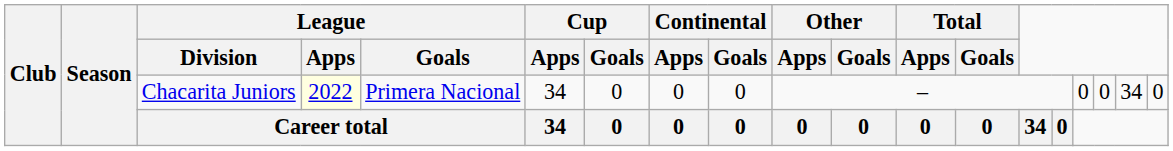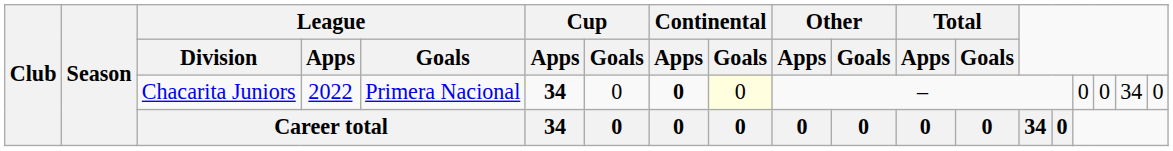 <table class="wikitable" style="text-align: center">
 <tr>
 <th rowspan="34">Club</th>
 <th rowspan="34">Season</th>
 <th colspan="3">League</th>
 <th colspan="2">Cup</th>
 <th colspan="2">Continental</th>
 <th colspan="2">Other</th>
 <th colspan="2">Total</th>
 </tr>
 <tr>
 <th>Division</th>
 <th>Apps</th>
 <th>Goals</th>
 <th>Apps</th>
 <th>Goals</th>
 <th>Apps</th>
 <th>Goals</th>
 <th>Apps</th>
 <th>Goals</th>
 <th>Apps</th>
 <th>Goals</th>
 </tr>
 <tr>
 <td><a href='#'>Chacarita Juniors</a></td>
-<td style="background: lightyellow;"><a href='#'>2022</a></td>
+<td><a href='#'>2022</a></td>
 <td><a href='#'>Primera Nacional</a></td>
-<td>34</td>
+<td><strong>34</strong></td>
 <td>0</td>
-<td>0</td>
-<td>0</td>
+<td><strong>0</strong></td>
+<td style="background: lightyellow;">0</td>
 <td colspan="34">–</td>
 <td>0</td>
 <td>0</td>
 <td>34</td>
 <td>0</td>
 </tr>
 <tr>
 <th colspan=3>Career total</th>
 <th>34</th>
 <th>0</th>
 <th>0</th>
 <th>0</th>
 <th>0</th>
 <th>0</th>
 <th>0</th>
 <th>0</th>
 <th>34</th>
 <th>0</th>
 </tr>
 </table>
